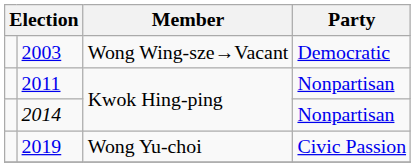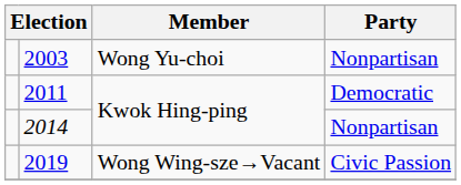 <table class="wikitable">
 <tr>
 <th colspan="2">Election</th>
 <th>Member</th>
 <th>Party</th>
 </tr>
 <tr>
 <td style="background-color: "></td>
 <td><a href='#'>2003</a></td>
-<td>Wong Wing-sze→Vacant</td>
-<td><a href='#'>Democratic</a></td>
+<td>Wong Yu-choi</td>
+<td><a href='#'>Nonpartisan</a></td>
 </tr>
 <tr>
 <td style="background-color: "></td>
 <td><a href='#'>2011</a></td>
 <td rowspan=2>Kwok Hing-ping</td>
-<td><a href='#'>Nonpartisan</a></td>
+<td><a href='#'>Democratic</a></td>
 </tr>
 <tr>
 <td style="background-color: "></td>
 <td><em>2014</em></td>
 <td><a href='#'>Nonpartisan</a></td>
 </tr>
 <tr>
 <td style="background-color: "></td>
 <td><a href='#'>2019</a></td>
-<td>Wong Yu-choi</td>
+<td>Wong Wing-sze→Vacant</td>
 <td><a href='#'>Civic Passion</a></td>
 </tr>
 <tr>
 </tr>
 </table>
